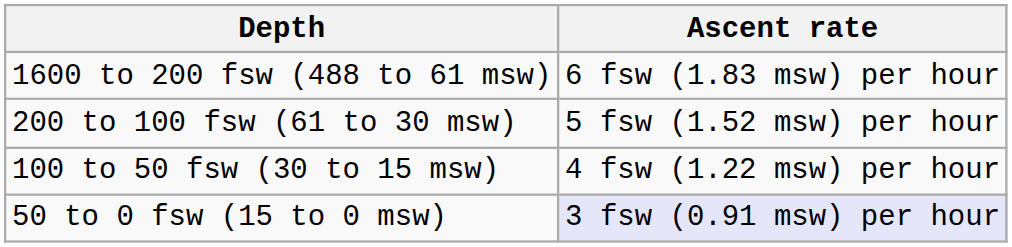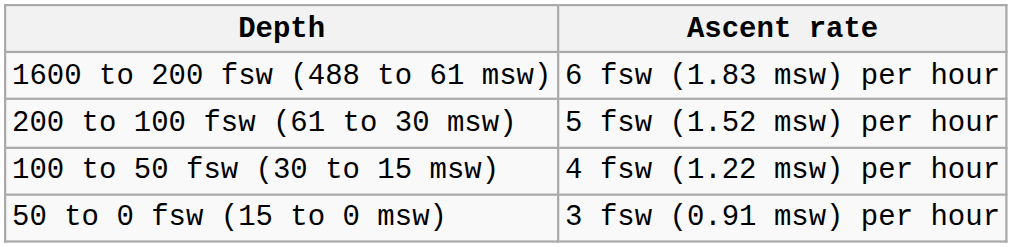 <table class="wikitable">
 <tr>
 <th>Depth</th>
 <th>Ascent rate</th>
 </tr>
 <tr>
 <td>1600 to 200 fsw (488 to 61 msw)</td>
 <td>6 fsw (1.83 msw) per hour</td>
 </tr>
 <tr>
 <td>200 to 100 fsw (61 to 30 msw)</td>
 <td>5 fsw (1.52 msw) per hour</td>
 </tr>
 <tr>
 <td>100 to 50 fsw (30 to 15 msw)</td>
 <td>4 fsw (1.22 msw) per hour</td>
 </tr>
 <tr>
 <td>50 to 0 fsw (15 to 0 msw)</td>
-<td style="background: lavender;">3 fsw (0.91 msw) per hour</td>
+<td>3 fsw (0.91 msw) per hour</td>
 </tr>
 </table>
